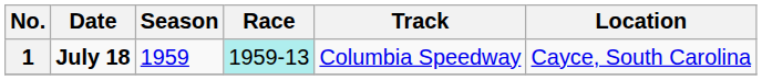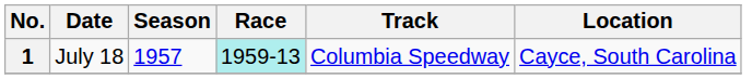 <table class="wikitable sortable">
 <tr>
 <th scope="col">No.</th>
 <th scope="col">Date</th>
 <th scope="col">Season</th>
 <th scope="col">Race</th>
 <th scope="col">Track</th>
 <th scope="col">Location</th>
 </tr>
 <tr>
 <th scope="row">1</th>
-<td><strong>July 18</strong></td>
-<td><a href='#'>1959</a></td>
+<td>July 18</td>
+<td><a href='#'>1957</a></td>
 <td style="background: paleturquoise;">1959-13</td>
 <td><a href='#'>Columbia Speedway</a></td>
 <td><a href='#'>Cayce, South Carolina</a></td>
 </tr>
 <tr>
 </tr>
 </table>
